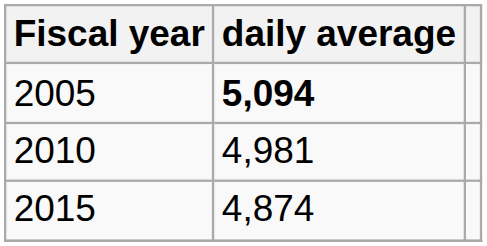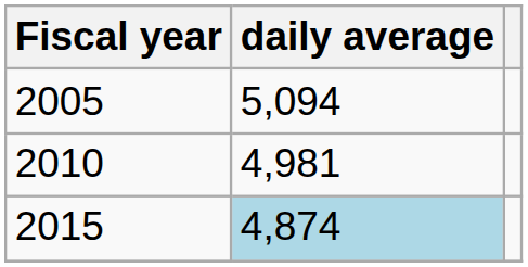 <table class="wikitable">
 <tr>
 <th>Fiscal year</th>
 <th>daily average</th>
 <th></th>
 </tr>
 <tr>
 <td>2005</td>
-<td><strong>5,094</strong></td>
+<td>5,094</td>
 <td></td>
 </tr>
 <tr>
 <td>2010</td>
 <td>4,981</td>
 <td></td>
 </tr>
 <tr>
 <td>2015</td>
-<td>4,874</td>
+<td style="background: lightblue;">4,874</td>
 <td></td>
 </tr>
 <tr>
 </tr>
 </table>
